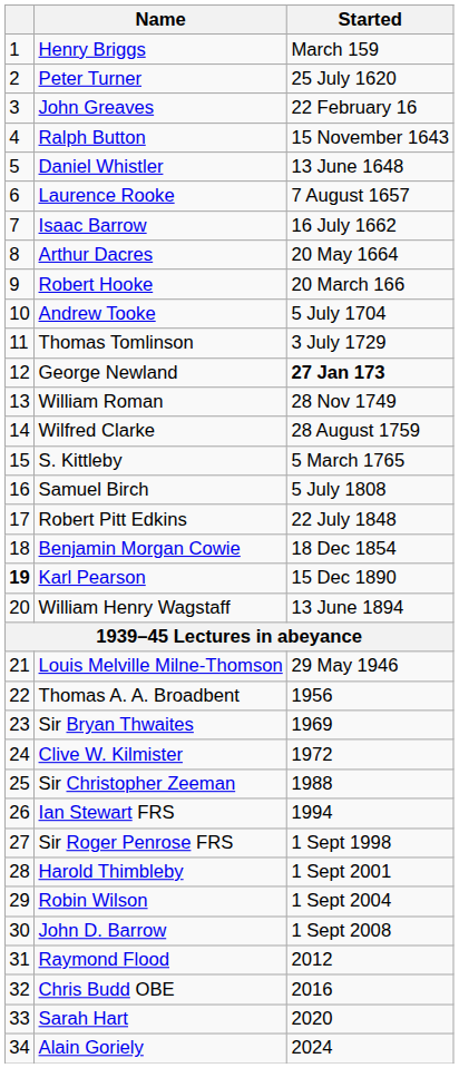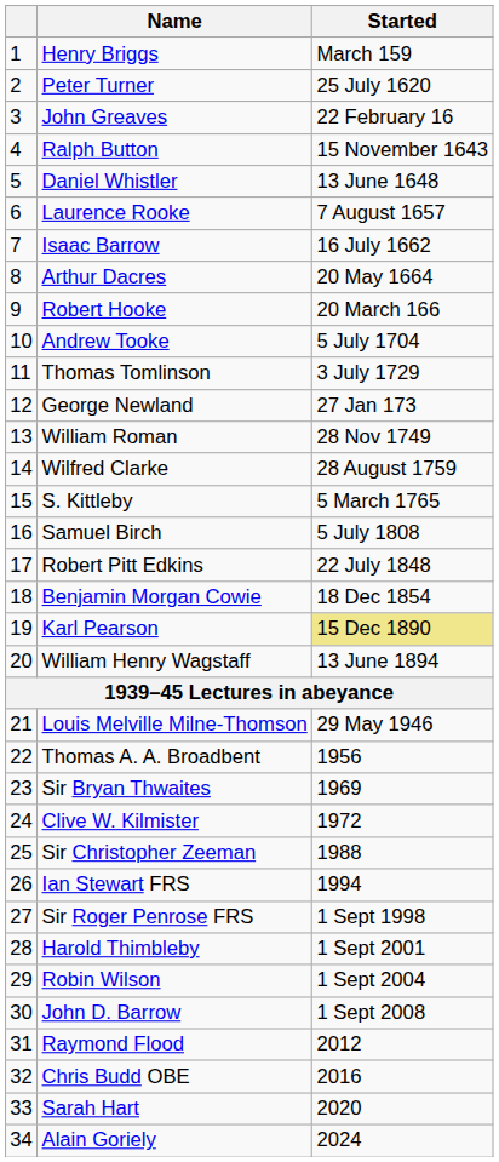 <table class= "wikitable">
 <tr>
 <th></th>
 <th>Name</th>
 <th>Started</th>
 </tr>
 <tr>
 <td>1</td>
 <td><a href='#'>Henry Briggs</a></td>
 <td>March 159</td>
 </tr>
 <tr>
 <td>2</td>
 <td><a href='#'>Peter Turner</a></td>
 <td>25 July 1620</td>
 </tr>
 <tr>
 <td>3</td>
 <td><a href='#'>John Greaves</a></td>
 <td>22 February 16</td>
 </tr>
 <tr>
 <td>4</td>
 <td><a href='#'>Ralph Button</a></td>
 <td>15 November 1643</td>
 </tr>
 <tr>
 <td>5</td>
 <td><a href='#'>Daniel Whistler</a></td>
 <td>13 June 1648</td>
 </tr>
 <tr>
 <td>6</td>
 <td><a href='#'>Laurence Rooke</a></td>
 <td>7 August 1657</td>
 </tr>
 <tr>
 <td>7</td>
 <td><a href='#'>Isaac Barrow</a></td>
 <td>16 July 1662</td>
 </tr>
 <tr>
 <td>8</td>
 <td><a href='#'>Arthur Dacres</a></td>
 <td>20 May 1664</td>
 </tr>
 <tr>
 <td>9</td>
 <td><a href='#'>Robert Hooke</a></td>
 <td>20 March 166</td>
 </tr>
 <tr>
 <td>10</td>
 <td><a href='#'>Andrew Tooke</a></td>
 <td>5 July 1704</td>
 </tr>
 <tr>
 <td>11</td>
 <td>Thomas Tomlinson</td>
 <td>3 July 1729</td>
 </tr>
 <tr>
 <td>12</td>
 <td>George Newland</td>
-<td><strong>27 Jan 173</strong></td>
+<td>27 Jan 173</td>
 </tr>
 <tr>
 <td>13</td>
 <td>William Roman</td>
 <td>28 Nov 1749</td>
 </tr>
 <tr>
 <td>14</td>
 <td>Wilfred Clarke</td>
 <td>28 August 1759</td>
 </tr>
 <tr>
 <td>15</td>
 <td>S. Kittleby</td>
 <td>5 March 1765</td>
 </tr>
 <tr>
 <td>16</td>
 <td>Samuel Birch</td>
 <td>5 July 1808</td>
 </tr>
 <tr>
 <td>17</td>
 <td>Robert Pitt Edkins</td>
 <td>22 July 1848</td>
 </tr>
 <tr>
 <td>18</td>
 <td><a href='#'>Benjamin Morgan Cowie</a></td>
 <td>18 Dec 1854</td>
 </tr>
 <tr>
-<td><strong>19</strong></td>
+<td>19</td>
 <td><a href='#'>Karl Pearson</a></td>
-<td>15 Dec 1890</td>
+<td style="background: khaki;">15 Dec 1890</td>
 </tr>
 <tr>
 <td>20</td>
 <td>William Henry Wagstaff</td>
 <td>13 June 1894</td>
 </tr>
 <tr>
 <th colspan =3>1939–45 Lectures in abeyance</th>
 </tr>
 <tr>
 <td>21</td>
 <td><a href='#'>Louis Melville Milne-Thomson</a></td>
 <td>29 May 1946</td>
 </tr>
 <tr>
 <td>22</td>
 <td>Thomas A. A. Broadbent</td>
 <td>1956</td>
 </tr>
 <tr>
 <td>23</td>
 <td>Sir <a href='#'>Bryan Thwaites</a></td>
 <td>1969</td>
 </tr>
 <tr>
 <td>24</td>
 <td><a href='#'>Clive W. Kilmister</a></td>
 <td>1972</td>
 </tr>
 <tr>
 <td>25</td>
 <td>Sir <a href='#'>Christopher Zeeman</a></td>
 <td>1988</td>
 </tr>
 <tr>
 <td>26</td>
 <td><a href='#'>Ian Stewart</a> FRS</td>
 <td>1994</td>
 </tr>
 <tr>
 <td>27</td>
 <td>Sir <a href='#'>Roger Penrose</a> FRS</td>
 <td>1 Sept 1998</td>
 </tr>
 <tr>
 <td>28</td>
 <td><a href='#'>Harold Thimbleby</a></td>
 <td>1 Sept 2001</td>
 </tr>
 <tr>
 <td>29</td>
 <td><a href='#'>Robin Wilson</a></td>
 <td>1 Sept 2004</td>
 </tr>
 <tr>
 <td>30</td>
 <td><a href='#'>John D. Barrow</a></td>
 <td>1 Sept 2008</td>
 </tr>
 <tr>
 <td>31</td>
 <td><a href='#'>Raymond Flood</a></td>
 <td>2012</td>
 </tr>
 <tr>
 <td>32</td>
 <td><a href='#'>Chris Budd</a> OBE</td>
 <td>2016</td>
 </tr>
 <tr>
 <td>33</td>
 <td><a href='#'>Sarah Hart</a></td>
 <td>2020</td>
 </tr>
 <tr>
 <td>34</td>
 <td><a href='#'>Alain Goriely</a></td>
 <td>2024</td>
 </tr>
 </table>
